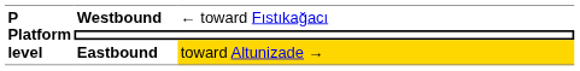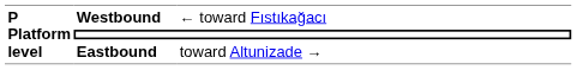 <table table border=0 cellspacing=0 cellpadding=3>
 <tr>
 <td style="border-top:solid 1px gray;border-bottom:solid 1px gray;" width=50 rowspan=3 valign=top><strong>P<br>Platform level</strong></td>
 <td style="border-top:solid 1px gray;" width=100><strong>Westbound</strong></td>
 <td style="border-top:solid 1px gray;" width=400>←  toward <a href='#'>Fıstıkağacı</a></td>
 </tr>
 <tr>
 <td style="border-top:solid 2px black;border-right:solid 2px black;border-left:solid 2px black;border-bottom:solid 2px black;text-align:center;" colspan=2></td>
 </tr>
 <tr>
 <td style="border-bottom:solid 1px gray;"><strong>Eastbound</strong></td>
-<td style="background: gold; border-bottom:solid 1px gray;"> toward <a href='#'>Altunizade</a> →</td>
+<td style="border-bottom:solid 1px gray;"> toward <a href='#'>Altunizade</a> →</td>
 </tr>
 </table>
